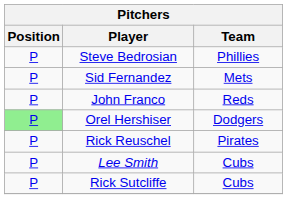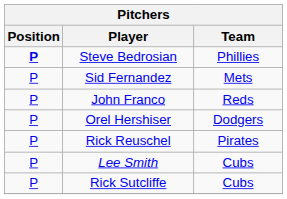 <table class="wikitable" style="font-size: 100%; text-align:center;">
 <tr>
 <th colspan="4">Pitchers</th>
 </tr>
 <tr>
 <th>Position</th>
 <th width="150">Player</th>
 <th width="100">Team</th>
 </tr>
 <tr>
-<td><a href='#'>P</a></td>
+<td><strong><a href='#'>P</a></strong></td>
 <td><a href='#'>Steve Bedrosian</a></td>
 <td><a href='#'>Phillies</a></td>
 </tr>
 <tr>
 <td><a href='#'>P</a></td>
 <td><a href='#'>Sid Fernandez</a></td>
 <td><a href='#'>Mets</a></td>
 </tr>
 <tr>
 <td><a href='#'>P</a></td>
 <td><a href='#'>John Franco</a></td>
 <td><a href='#'>Reds</a></td>
 </tr>
 <tr>
-<td style="background: lightgreen;"><a href='#'>P</a></td>
+<td><a href='#'>P</a></td>
 <td><a href='#'>Orel Hershiser</a></td>
 <td><a href='#'>Dodgers</a></td>
 </tr>
 <tr>
 <td><a href='#'>P</a></td>
 <td><a href='#'>Rick Reuschel</a></td>
 <td><a href='#'>Pirates</a></td>
 </tr>
 <tr>
 <td><a href='#'>P</a></td>
 <td><em><a href='#'>Lee Smith</a></em></td>
 <td><a href='#'>Cubs</a></td>
 </tr>
 <tr>
 <td><a href='#'>P</a></td>
 <td><a href='#'>Rick Sutcliffe</a></td>
 <td><a href='#'>Cubs</a></td>
 </tr>
 <tr>
 </tr>
 </table>
